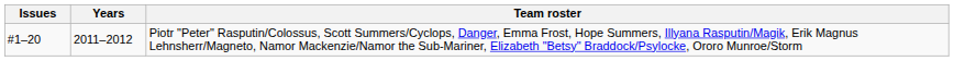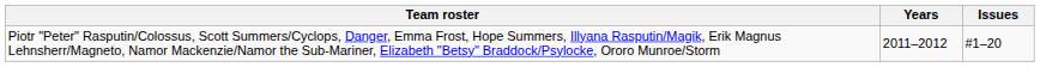 <table class="wikitable" width="100%">
 <tr>
+<th scope="col" width="85%">Team roster</th>
+<th scope="col" width="8%">Years</th>
 <th scope="col" width="7%">Issues</th>
-<th scope="col" width="8%">Years</th>
-<th scope="col" width="85%">Team roster</th>
 </tr>
 <tr>
+<td>Piotr "Peter" Rasputin/Colossus, Scott Summers/Cyclops, <a href='#'>Danger</a>, Emma Frost, Hope Summers, <a href='#'>Illyana Rasputin/Magik</a>, Erik Magnus Lehnsherr/Magneto, Namor Mackenzie/Namor the Sub-Mariner, <a href='#'>Elizabeth "Betsy" Braddock/Psylocke</a>, Ororo Munroe/Storm</td>
+<td>2011–2012</td>
 <td>#1–20</td>
-<td>2011–2012</td>
-<td>Piotr "Peter" Rasputin/Colossus, Scott Summers/Cyclops, <a href='#'>Danger</a>, Emma Frost, Hope Summers, <a href='#'>Illyana Rasputin/Magik</a>, Erik Magnus Lehnsherr/Magneto, Namor Mackenzie/Namor the Sub-Mariner, <a href='#'>Elizabeth "Betsy" Braddock/Psylocke</a>, Ororo Munroe/Storm</td>
 </tr>
 </table>
